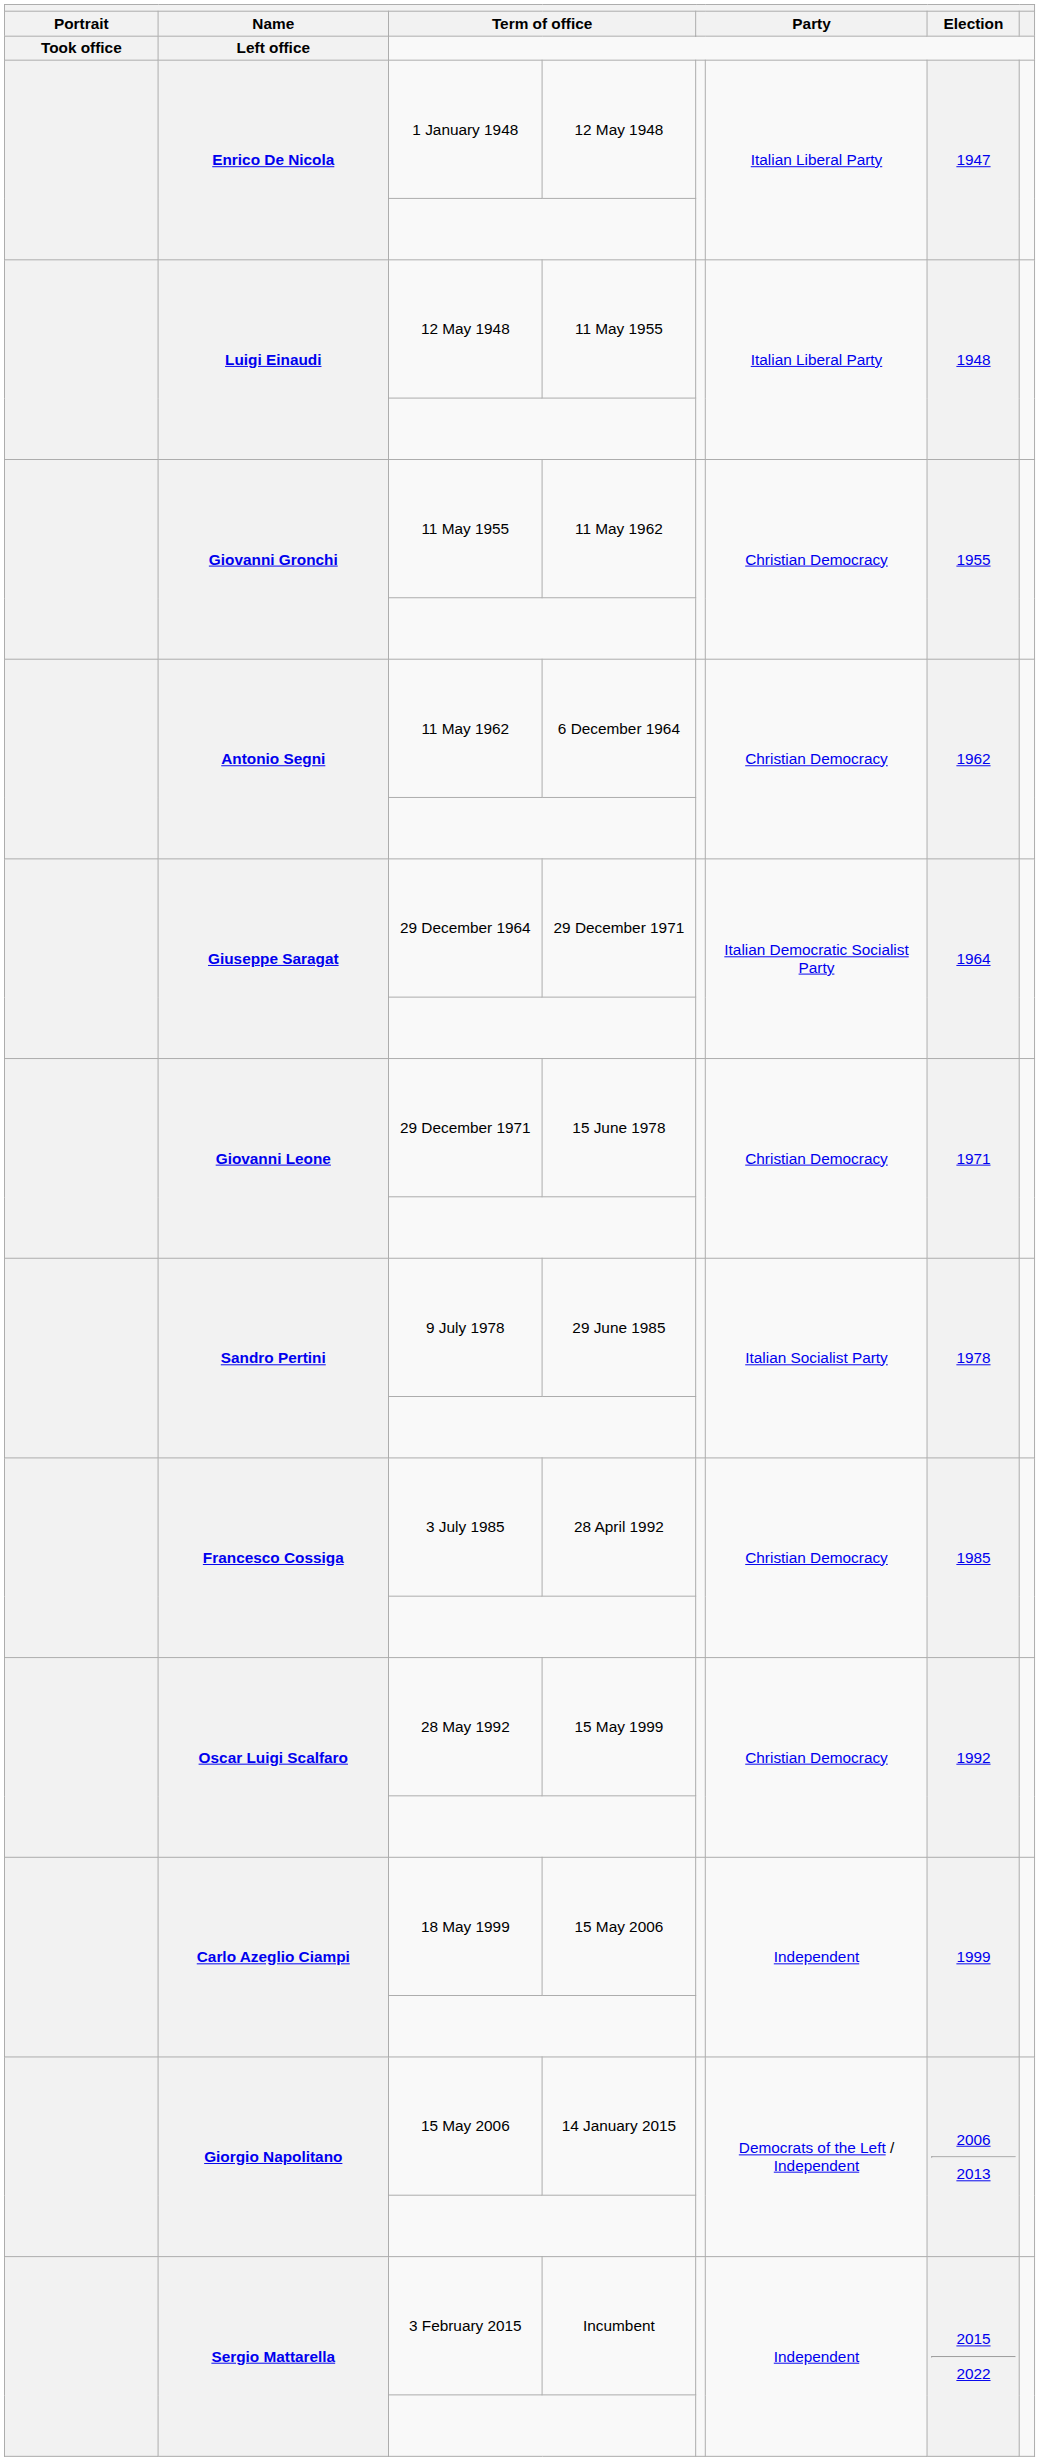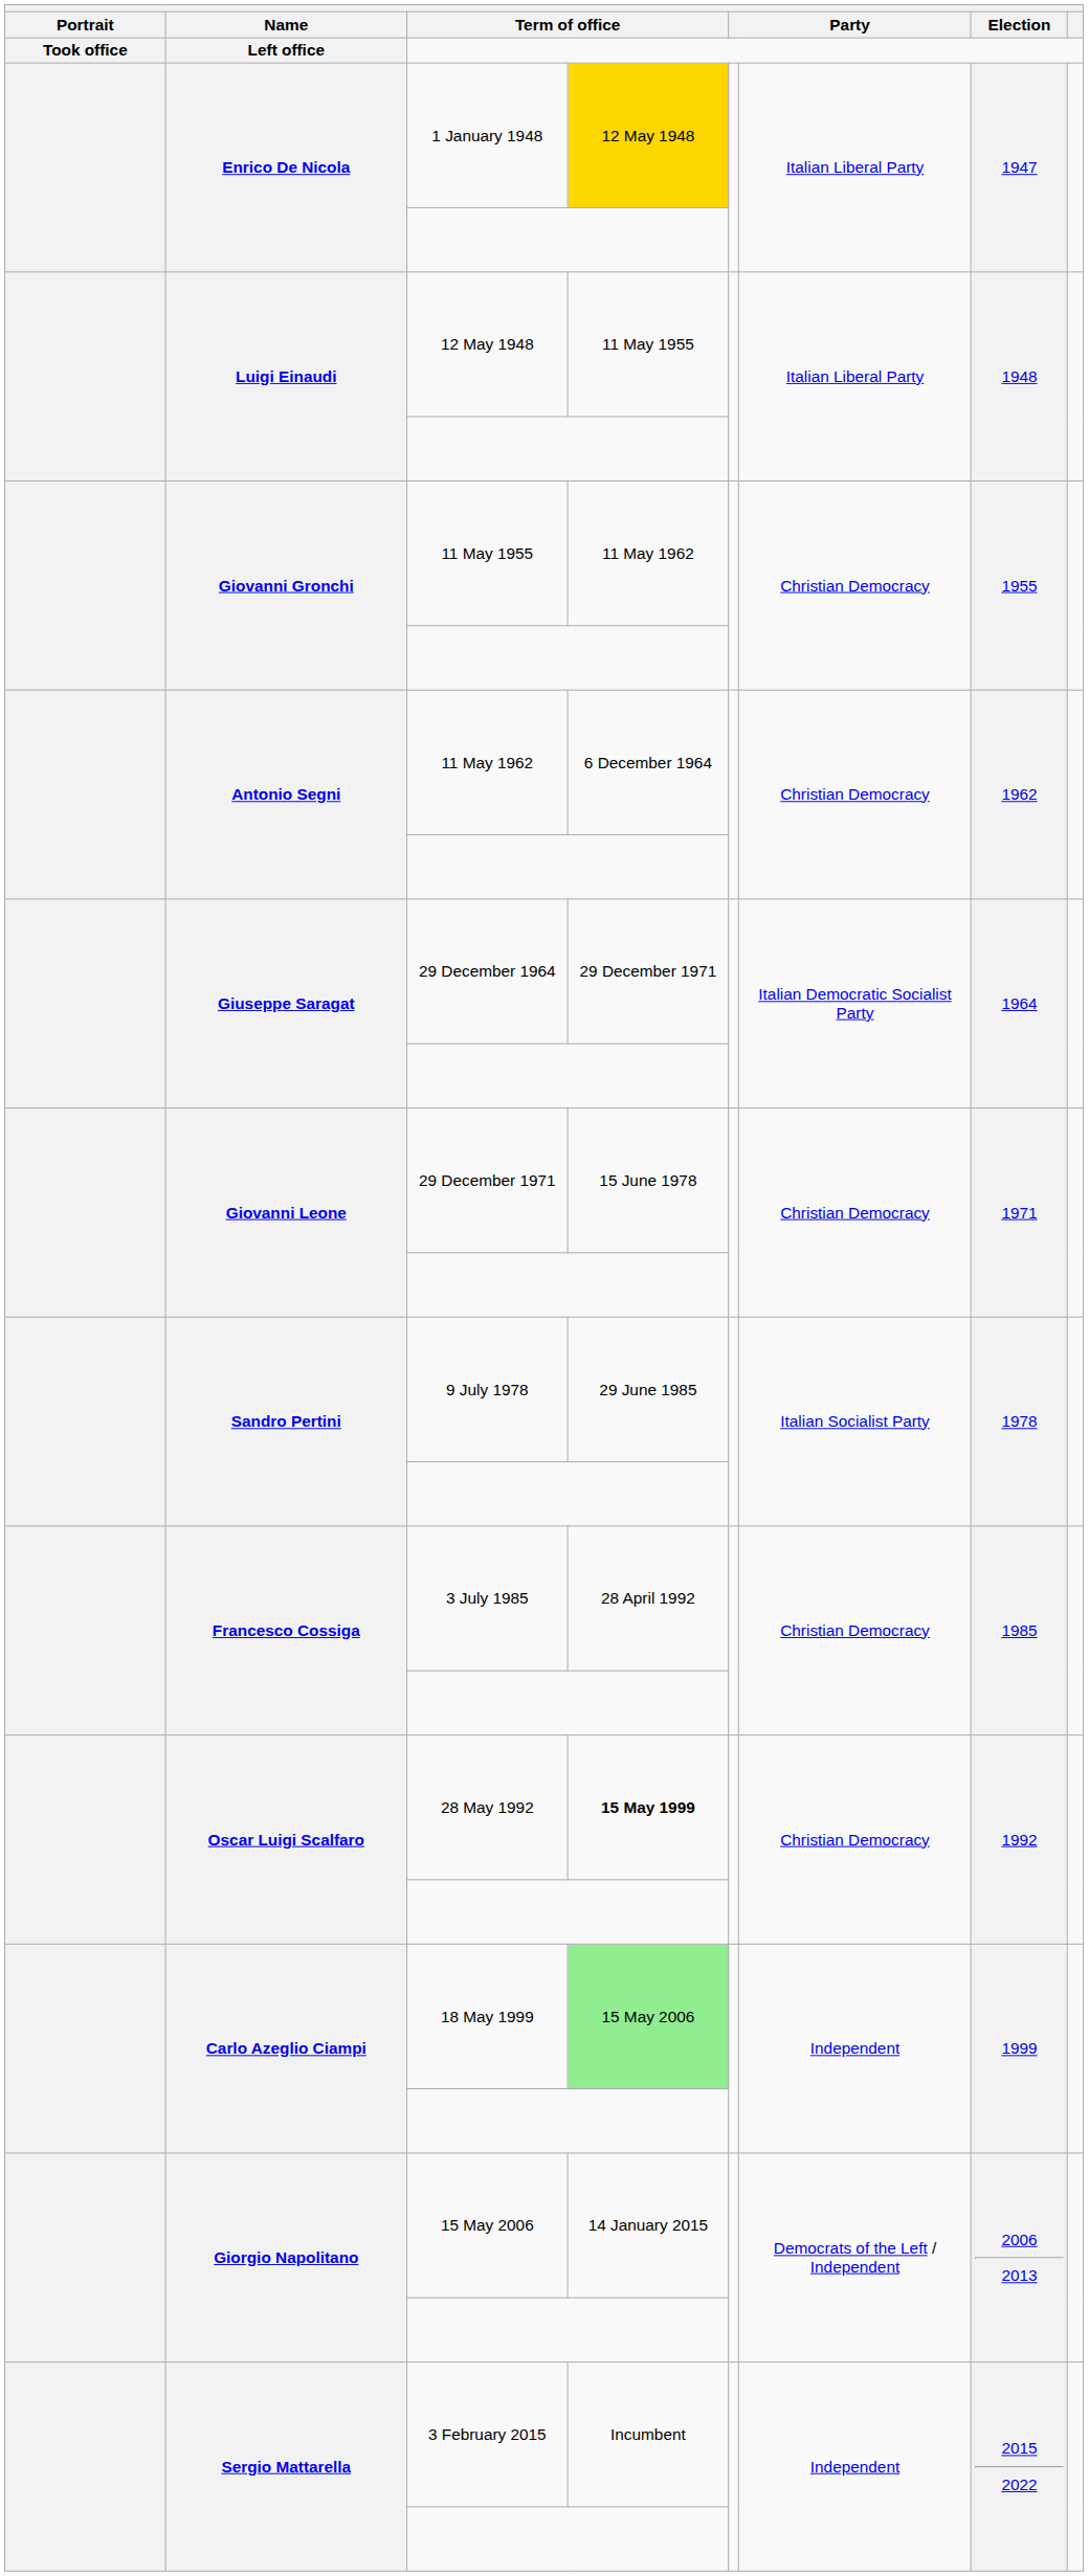 <table class="wikitable" style="text-align:center; style="width=85%">
 <tr>
 <th colspan="9"></th>
 </tr>
 <tr>
 <th width=1% rowspan="2">Portrait</th>
 <th width=15% rowspan="2">Name<br></th>
 <th width=20% colspan="2">Term of office</th>
 <th width=15% rowspan="2" colspan="2">Party</th>
 <th width=5% rowspan="2">Election</th>
 <th width=1% rowspan="2"></th>
 </tr>
 <tr>
 </tr>
 <tr style="text-align:center;">
 <th width=10%>Took office</th>
 <th width=10%>Left office</th>
 </tr>
 <tr style="height:9em;">
 <th rowspan="2"></th>
 <th rowspan="2" style="font-weight:normal"><strong><a href='#'>Enrico De Nicola</a></strong><br></th>
 <td class="nowrap">1 January 1948</td>
-<td class="nowrap">12 May 1948</td>
+<td class="nowrap" style="background: gold;">12 May 1948</td>
 <td width="1" rowspan="2" style="color:inherit;background:"></td>
 <td rowspan="2"><a href='#'>Italian Liberal Party</a></td>
 <th rowspan="2" style="font-weight:normal"><a href='#'>1947</a></th>
 <td rowspan="2"></td>
 </tr>
 <tr style="height:4em;">
 <td colspan="2"></td>
 </tr>
 <tr style="height:9em;">
 <th rowspan="2"></th>
 <th rowspan="2" style="font-weight:normal"><strong><a href='#'>Luigi Einaudi</a></strong><br></th>
 <td class="nowrap">12 May 1948</td>
 <td class="nowrap">11 May 1955</td>
 <td width="1" rowspan="2" style="color:inherit;background:"></td>
 <td rowspan="2"><a href='#'>Italian Liberal Party</a></td>
 <th rowspan="2" style="font-weight:normal"><a href='#'>1948</a></th>
 <td rowspan="2"></td>
 </tr>
 <tr style="height:4em;">
 <td colspan="2"></td>
 </tr>
 <tr style="height:9em;">
 <th rowspan="2"></th>
 <th rowspan="2" style="font-weight:normal"><strong><a href='#'>Giovanni Gronchi</a></strong><br></th>
 <td class="nowrap">11 May 1955</td>
 <td class="nowrap">11 May 1962</td>
 <td width="1" rowspan="2" style="color:inherit;background:"></td>
 <td rowspan="2"><a href='#'>Christian Democracy</a></td>
 <th rowspan="2" style="font-weight:normal"><a href='#'>1955</a></th>
 <td rowspan="2"></td>
 </tr>
 <tr style="height:4em;">
 <td colspan="2"></td>
 </tr>
 <tr style="height:9em;">
 <th rowspan="2"></th>
 <th rowspan="2" style="font-weight:normal"><strong><a href='#'>Antonio Segni</a></strong><br></th>
 <td class="nowrap">11 May 1962</td>
 <td class="nowrap">6 December 1964</td>
 <td width="1" rowspan="2" style="color:inherit;background:"></td>
 <td rowspan="2"><a href='#'>Christian Democracy</a></td>
 <th rowspan="2" style="font-weight:normal"><a href='#'>1962</a></th>
 <td rowspan="2"></td>
 </tr>
 <tr style="height:4em;">
 <td colspan="2"></td>
 </tr>
 <tr style="height:9em;">
 <th rowspan="2"></th>
 <th rowspan="2" style="font-weight:normal"><strong><a href='#'>Giuseppe Saragat</a></strong><br></th>
 <td class="nowrap">29 December 1964</td>
 <td class="nowrap">29 December 1971</td>
 <td width="1" rowspan="2" style="color:inherit;background:"></td>
 <td rowspan="2"><a href='#'>Italian Democratic Socialist Party</a></td>
 <th rowspan="2"style="font-weight:normal"><a href='#'>1964</a></th>
 <td rowspan="2"></td>
 </tr>
 <tr style="height:4em;">
 <td colspan="2"></td>
 </tr>
 <tr style="height:9em;">
 <th rowspan="2"></th>
 <th rowspan="2" style="font-weight:normal"><strong><a href='#'>Giovanni Leone</a></strong><br></th>
 <td class="nowrap">29 December 1971</td>
 <td class="nowrap">15 June 1978</td>
 <td width="2" rowspan="2" style="color:inherit;background:"></td>
 <td rowspan="2"><a href='#'>Christian Democracy</a></td>
 <th rowspan="2" style="font-weight:normal"><a href='#'>1971</a></th>
 <td rowspan="2"></td>
 </tr>
 <tr style="height:4em;">
 <td colspan="2"></td>
 </tr>
 <tr style="height:9em;">
 <th rowspan="2"></th>
 <th rowspan="2" style="font-weight:normal"><strong><a href='#'>Sandro Pertini</a></strong><br></th>
 <td class="nowrap">9 July 1978</td>
 <td class="nowrap">29 June 1985</td>
 <td width="2" rowspan="2" style="color:inherit;background:"></td>
 <td rowspan="2"><a href='#'>Italian Socialist Party</a></td>
 <th rowspan="2" style="font-weight:normal"><a href='#'>1978</a></th>
 <td rowspan="2"></td>
 </tr>
 <tr style="height:4em;">
 <td colspan="2"></td>
 </tr>
 <tr style="height:9em;">
 <th rowspan="2"></th>
 <th rowspan="2" style="font-weight:normal"><strong><a href='#'>Francesco Cossiga</a></strong><br></th>
 <td class="nowrap">3 July 1985</td>
 <td class="nowrap">28 April 1992</td>
 <td width="1" rowspan="2" style="color:inherit;background:"></td>
 <td rowspan="2"><a href='#'>Christian Democracy</a></td>
 <th rowspan="2" style="font-weight:normal"><a href='#'>1985</a></th>
 <td rowspan="2"></td>
 </tr>
 <tr style="height:4em;">
 <td colspan="2"></td>
 </tr>
 <tr style="height:9em;">
 <th rowspan="2"></th>
 <th rowspan="2" style="font-weight:normal"><strong><a href='#'>Oscar Luigi Scalfaro</a></strong><br></th>
 <td class="nowrap">28 May 1992</td>
-<td class="nowrap">15 May 1999</td>
+<td class="nowrap"><strong>15 May 1999</strong></td>
 <td width="1" rowspan="2" style="color:inherit;background:"></td>
 <td rowspan="2"><a href='#'>Christian Democracy</a></td>
 <th rowspan="2" style="font-weight:normal"><a href='#'>1992</a></th>
 <td rowspan="2"></td>
 </tr>
 <tr style="height:4em;">
 <td colspan="2"></td>
 </tr>
 <tr style="height:9em;">
 <th rowspan="2"></th>
 <th rowspan="2" style="font-weight:normal"><strong><a href='#'>Carlo Azeglio Ciampi</a></strong><br></th>
 <td class="nowrap">18 May 1999</td>
-<td class="nowrap">15 May 2006</td>
+<td class="nowrap" style="background: lightgreen;">15 May 2006</td>
 <td width="1" rowspan="2" style="color:inherit;background:"></td>
 <td rowspan="2"><a href='#'>Independent</a></td>
 <th rowspan="2" style="font-weight:normal"><a href='#'>1999</a></th>
 <td rowspan="2"></td>
 </tr>
 <tr style="height:4em;">
 <td colspan="2"></td>
 </tr>
 <tr style="height:9em;">
 <th rowspan="2"></th>
 <th rowspan="2" style="font-weight:normal"><strong><a href='#'>Giorgio Napolitano</a></strong><br></th>
 <td class="nowrap">15 May 2006</td>
 <td class="nowrap">14 January 2015</td>
 <td rowspan="2" width="1" style="color:inherit;background:"></td>
 <td rowspan="2"><a href='#'>Democrats of the Left</a> /<br><a href='#'>Independent</a></td>
 <th rowspan="2" style="font-weight:normal"><a href='#'>2006</a> <hr> <a href='#'>2013</a></th>
 <td rowspan="2"></td>
 </tr>
 <tr style="height:4em;">
 <td colspan="2"></td>
 </tr>
 <tr style="height:9em;">
 <th rowspan="2"></th>
 <th rowspan="2" style="font-weight:normal"><strong><a href='#'>Sergio Mattarella</a></strong><br></th>
 <td class="nowrap">3 February 2015</td>
 <td class="nowrap">Incumbent</td>
 <td width="1" rowspan="2" style="color:inherit;background:"></td>
 <td rowspan="2"><a href='#'>Independent</a></td>
 <th rowspan="2" style="font-weight:normal"><a href='#'>2015</a> <hr> <a href='#'>2022</a></th>
 <td rowspan="2"></td>
 </tr>
 <tr style="height:4em;">
 <td colspan="2"></td>
 </tr>
 </table>
